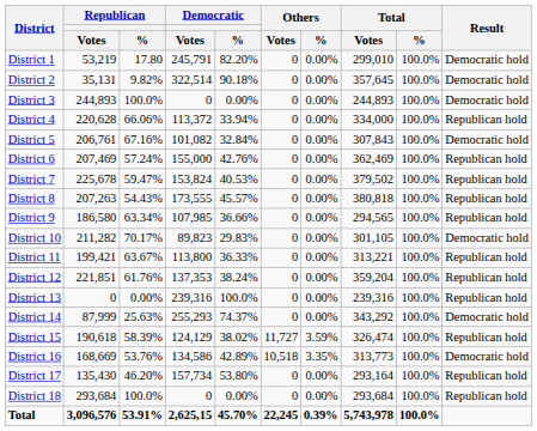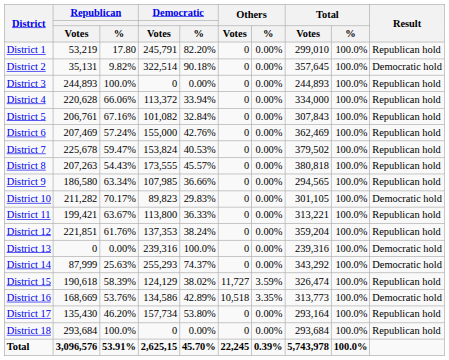 <table class="wikitable plainrowheaders sortable" style="font-size:100%; text-align:right;">
 <tr>
 <th scope=col rowspan=3><a href='#'>District</a></th>
 <th scope=col colspan=2><a href='#'>Republican</a></th>
 <th scope=col colspan=2><a href='#'>Democratic</a></th>
 <th scope=col colspan=2 rowspan=2>Others</th>
 <th scope=col colspan=2 rowspan=2>Total</th>
 <th scope=col rowspan=3>Result</th>
 </tr>
 <tr>
 <th scope=col colspan=2 style="background:"></th>
 <th scope=col colspan=2 style="background:"></th>
 </tr>
 <tr>
 <th scope=col data-sort-type="number">Votes</th>
 <th scope=col data-sort-type="number">%</th>
 <th scope=col data-sort-type="number">Votes</th>
 <th scope=col data-sort-type="number">%</th>
 <th scope=col data-sort-type="number">Votes</th>
 <th scope=col data-sort-type="number">%</th>
 <th scope=col data-sort-type="number">Votes</th>
 <th scope=col data-sort-type="number">%</th>
 </tr>
 <tr>
 <td align=left><a href='#'>District 1</a></td>
 <td>53,219</td>
 <td>17.80</td>
 <td>245,791</td>
 <td>82.20%</td>
 <td>0</td>
 <td>0.00%</td>
 <td>299,010</td>
 <td>100.0%</td>
-<td align=left>Democratic hold</td>
+<td align=left>Republican hold</td>
 </tr>
 <tr>
 <td align=left><a href='#'>District 2</a></td>
 <td>35,131</td>
 <td>9.82%</td>
 <td>322,514</td>
 <td>90.18%</td>
 <td>0</td>
 <td>0.00%</td>
 <td>357,645</td>
 <td>100.0%</td>
 <td align=left>Democratic hold</td>
 </tr>
 <tr>
 <td align=left><a href='#'>District 3</a></td>
 <td>244,893</td>
 <td>100.0%</td>
 <td>0</td>
 <td>0.00%</td>
 <td>0</td>
 <td>0.00%</td>
 <td>244,893</td>
 <td>100.0%</td>
-<td align=left>Democratic hold</td>
+<td align=left>Republican hold</td>
 </tr>
 <tr>
 <td align=left><a href='#'>District 4</a></td>
 <td>220,628</td>
 <td>66.06%</td>
 <td>113,372</td>
 <td>33.94%</td>
 <td>0</td>
 <td>0.00%</td>
 <td>334,000</td>
 <td>100.0%</td>
 <td align=left>Republican hold</td>
 </tr>
 <tr>
 <td align=left><a href='#'>District 5</a></td>
 <td>206,761</td>
 <td>67.16%</td>
 <td>101,082</td>
 <td>32.84%</td>
 <td>0</td>
 <td>0.00%</td>
 <td>307,843</td>
 <td>100.0%</td>
-<td align=left>Democratic hold</td>
+<td align=left>Republican hold</td>
 </tr>
 <tr>
 <td align=left><a href='#'>District 6</a></td>
 <td>207,469</td>
 <td>57.24%</td>
 <td>155,000</td>
 <td>42.76%</td>
 <td>0</td>
 <td>0.00%</td>
 <td>362,469</td>
 <td>100.0%</td>
 <td align=left>Republican hold</td>
 </tr>
 <tr>
 <td align=left><a href='#'>District 7</a></td>
 <td>225,678</td>
 <td>59.47%</td>
 <td>153,824</td>
 <td>40.53%</td>
 <td>0</td>
 <td>0.00%</td>
 <td>379,502</td>
 <td>100.0%</td>
 <td align=left>Republican hold</td>
 </tr>
 <tr>
 <td align=left><a href='#'>District 8</a></td>
 <td>207,263</td>
 <td>54.43%</td>
 <td>173,555</td>
 <td>45.57%</td>
 <td>0</td>
 <td>0.00%</td>
 <td>380,818</td>
 <td>100.0%</td>
 <td align=left>Republican hold</td>
 </tr>
 <tr>
 <td align=left><a href='#'>District 9</a></td>
 <td>186,580</td>
 <td>63.34%</td>
 <td>107,985</td>
 <td>36.66%</td>
 <td>0</td>
 <td>0.00%</td>
 <td>294,565</td>
 <td>100.0%</td>
 <td align=left>Republican hold</td>
 </tr>
 <tr>
 <td align=left><a href='#'>District 10</a></td>
 <td>211,282</td>
 <td>70.17%</td>
 <td>89,823</td>
 <td>29.83%</td>
 <td>0</td>
 <td>0.00%</td>
 <td>301,105</td>
 <td>100.0%</td>
 <td align=left>Democratic hold</td>
 </tr>
 <tr>
 <td align=left><a href='#'>District 11</a></td>
 <td>199,421</td>
 <td>63.67%</td>
 <td>113,800</td>
 <td>36.33%</td>
 <td>0</td>
 <td>0.00%</td>
 <td>313,221</td>
 <td>100.0%</td>
 <td align=left>Republican hold</td>
 </tr>
 <tr>
 <td align=left><a href='#'>District 12</a></td>
 <td>221,851</td>
 <td>61.76%</td>
 <td>137,353</td>
 <td>38.24%</td>
 <td>0</td>
 <td>0.00%</td>
 <td>359,204</td>
 <td>100.0%</td>
 <td align=left>Republican hold</td>
 </tr>
 <tr>
 <td align=left><a href='#'>District 13</a></td>
 <td>0</td>
 <td>0.00%</td>
 <td>239,316</td>
 <td>100.0%</td>
 <td>0</td>
 <td>0.00%</td>
 <td>239,316</td>
 <td>100.0%</td>
-<td align=left>Republican hold</td>
+<td align=left>Democratic hold</td>
 </tr>
 <tr>
 <td align=left><a href='#'>District 14</a></td>
 <td>87,999</td>
 <td>25.63%</td>
 <td>255,293</td>
 <td>74.37%</td>
 <td>0</td>
 <td>0.00%</td>
 <td>343,292</td>
 <td>100.0%</td>
 <td align=left>Democratic hold</td>
 </tr>
 <tr>
 <td align=left><a href='#'>District 15</a></td>
 <td>190,618</td>
 <td>58.39%</td>
 <td>124,129</td>
 <td>38.02%</td>
 <td>11,727</td>
 <td>3.59%</td>
 <td>326,474</td>
 <td>100.0%</td>
 <td align=left>Republican hold</td>
 </tr>
 <tr>
 <td align=left><a href='#'>District 16</a></td>
 <td>168,669</td>
 <td>53.76%</td>
 <td>134,586</td>
 <td>42.89%</td>
 <td>10,518</td>
 <td>3.35%</td>
 <td>313,773</td>
 <td>100.0%</td>
 <td align=left>Democratic hold</td>
 </tr>
 <tr>
 <td align=left><a href='#'>District 17</a></td>
 <td>135,430</td>
 <td>46.20%</td>
 <td>157,734</td>
 <td>53.80%</td>
 <td>0</td>
 <td>0.00%</td>
 <td>293,164</td>
 <td>100.0%</td>
 <td align=left>Republican hold</td>
 </tr>
 <tr>
 <td align=left><a href='#'>District 18</a></td>
 <td>293,684</td>
 <td>100.0%</td>
 <td>0</td>
 <td>0.00%</td>
 <td>0</td>
 <td>0.00%</td>
 <td>293,684</td>
 <td>100.0%</td>
 <td align=left>Republican hold</td>
 </tr>
 <tr class="sortbottom" style="font-weight:bold">
 <td align=left>Total</td>
 <td>3,096,576</td>
 <td>53.91%</td>
 <td>2,625,15</td>
 <td>45.70%</td>
 <td>22,245</td>
 <td>0.39%</td>
 <td>5,743,978</td>
 <td>100.0%</td>
 <td></td>
 </tr>
 </table>
